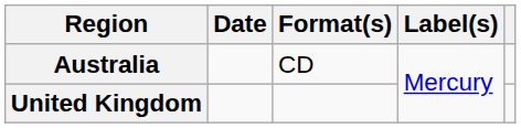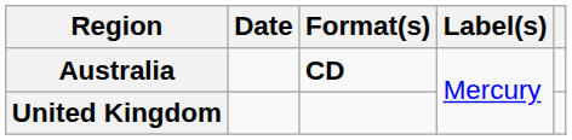 <table class="wikitable plainrowheaders">
 <tr>
 <th scope="col">Region</th>
 <th scope="col">Date</th>
 <th scope="col">Format(s)</th>
 <th scope="col">Label(s)</th>
 <th scope="col"></th>
 </tr>
 <tr>
 <th scope="row">Australia</th>
 <td></td>
-<td>CD</td>
+<td><strong>CD</strong></td>
 <td rowspan="2"><a href='#'>Mercury</a></td>
 <td></td>
 </tr>
 <tr>
 <th scope="row">United Kingdom</th>
 <td></td>
 <td></td>
 <td></td>
 </tr>
 </table>
